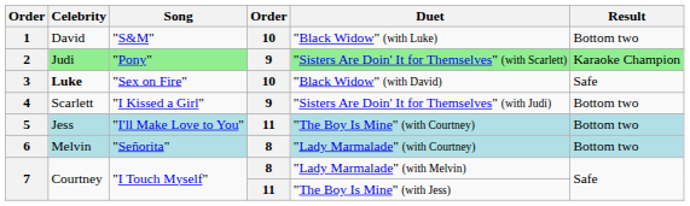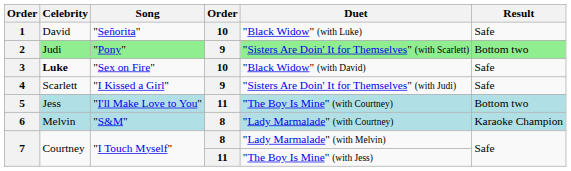 <table class="wikitable sortable collapsed">
 <tr style="text-align:Center; background:#cc;">
 <th>Order</th>
 <th>Celebrity</th>
 <th>Song</th>
 <th>Order</th>
 <th>Duet</th>
 <th>Result</th>
 </tr>
 <tr>
 <th>1</th>
 <td>David</td>
-<td>"<a href='#'>S&M</a>"</td>
+<td>"<a href='#'>Señorita</a>"</td>
 <th>10</th>
 <td>"<a href='#'>Black Widow</a>" <small>(with Luke)</small></td>
-<td>Bottom two</td>
+<td>Safe</td>
 </tr>
 <tr style="background:lightgreen">
 <th>2</th>
 <td>Judi</td>
 <td>"<a href='#'>Pony</a>"</td>
 <th>9</th>
 <td>"<a href='#'>Sisters Are Doin' It for Themselves</a>" <small>(with Scarlett)</small></td>
-<td>Karaoke Champion</td>
+<td>Bottom two</td>
 </tr>
 <tr>
 <th>3</th>
 <td><strong>Luke</strong></td>
 <td>"<a href='#'>Sex on Fire</a>"</td>
 <th>10</th>
 <td>"<a href='#'>Black Widow</a>" <small>(with David)</small></td>
 <td>Safe</td>
 </tr>
 <tr>
 <th>4</th>
 <td>Scarlett</td>
 <td>"<a href='#'>I Kissed a Girl</a>"</td>
 <th>9</th>
 <td>"<a href='#'>Sisters Are Doin' It for Themselves</a>" <small>(with Judi)</small></td>
-<td>Bottom two</td>
+<td>Safe</td>
 </tr>
 <tr style="background:#b0e0e6;">
 <th>5</th>
 <td>Jess</td>
 <td>"<a href='#'>I'll Make Love to You</a>"</td>
 <th>11</th>
 <td>"<a href='#'>The Boy Is Mine</a>" <small>(with Courtney)</small></td>
 <td>Bottom two</td>
 </tr>
 <tr style="background:#b0e0e6;">
 <th>6</th>
 <td>Melvin</td>
-<td>"<a href='#'>Señorita</a>"</td>
+<td>"<a href='#'>S&M</a>"</td>
 <th>8</th>
 <td>"<a href='#'>Lady Marmalade</a>" <small>(with Courtney)</small></td>
-<td>Bottom two</td>
+<td>Karaoke Champion</td>
 </tr>
 <tr>
 <th rowspan=2>7</th>
 <td rowspan=2>Courtney</td>
 <td rowspan=2>"<a href='#'>I Touch Myself</a>"</td>
 <th>8</th>
 <td>"<a href='#'>Lady Marmalade</a>" <small>(with Melvin)</small></td>
 <td rowspan=2>Safe</td>
 </tr>
 <tr>
 <th>11</th>
 <td>"<a href='#'>The Boy Is Mine</a>" <small>(with Jess)</small></td>
 </tr>
 </table>
